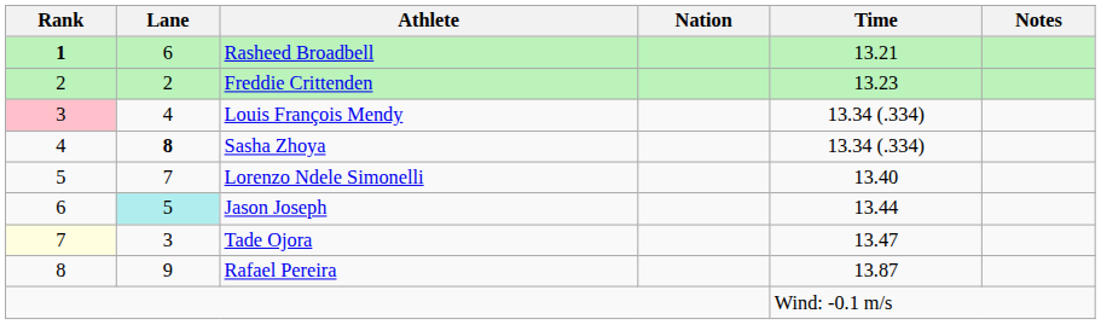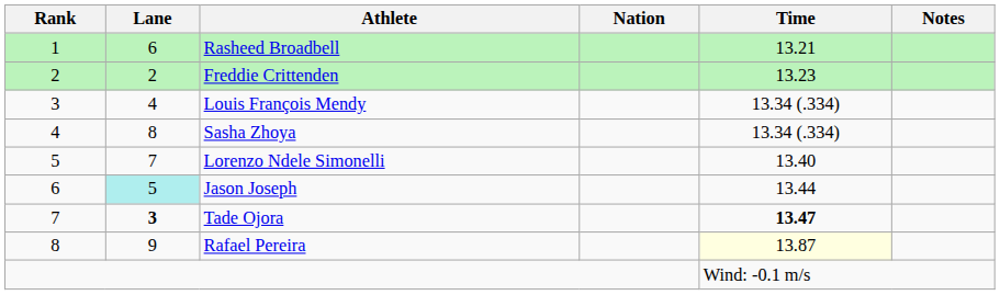 <table class="wikitable sortable" style="text-align:center;width: 70%;">
 <tr>
 <th>Rank</th>
 <th>Lane</th>
 <th>Athlete</th>
 <th>Nation</th>
 <th>Time</th>
 <th>Notes</th>
 </tr>
 <tr bgcolor=bbf3bb>
-<td><strong>1</strong></td>
+<td>1</td>
 <td>6</td>
 <td align=left><a href='#'>Rasheed Broadbell</a></td>
 <td align=left></td>
 <td>13.21</td>
 <td></td>
 </tr>
 <tr bgcolor=bbf3bb>
 <td>2</td>
 <td>2</td>
 <td align=left><a href='#'>Freddie Crittenden</a></td>
 <td align=left></td>
 <td>13.23</td>
 <td></td>
 </tr>
 <tr>
-<td style="background: pink;">3</td>
+<td>3</td>
 <td>4</td>
 <td align=left><a href='#'>Louis François Mendy</a></td>
 <td align=left></td>
 <td>13.34 (.334)</td>
 <td></td>
 </tr>
 <tr>
 <td>4</td>
-<td><strong>8</strong></td>
+<td>8</td>
 <td align=left><a href='#'>Sasha Zhoya</a></td>
 <td align=left></td>
 <td>13.34 (.334)</td>
 <td></td>
 </tr>
 <tr>
 <td>5</td>
 <td>7</td>
 <td align=left><a href='#'>Lorenzo Ndele Simonelli</a></td>
 <td align=left></td>
 <td>13.40</td>
 <td></td>
 </tr>
 <tr>
 <td>6</td>
 <td style="background: paleturquoise;">5</td>
 <td align=left><a href='#'>Jason Joseph</a></td>
 <td align=left></td>
 <td>13.44</td>
 <td></td>
 </tr>
 <tr>
-<td style="background: lightyellow;">7</td>
-<td>3</td>
+<td>7</td>
+<td><strong>3</strong></td>
 <td align=left><a href='#'>Tade Ojora</a></td>
 <td align=left></td>
-<td>13.47</td>
+<td><strong>13.47</strong></td>
 <td></td>
 </tr>
 <tr>
 <td>8</td>
 <td>9</td>
 <td align=left><a href='#'>Rafael Pereira</a></td>
 <td align=left></td>
-<td>13.87</td>
+<td style="background: lightyellow;">13.87</td>
 <td></td>
 </tr>
 <tr class="sortbottom">
 <td colspan="4"></td>
 <td colspan="2" style="text-align:left;">Wind: -0.1 m/s</td>
 </tr>
 </table>
